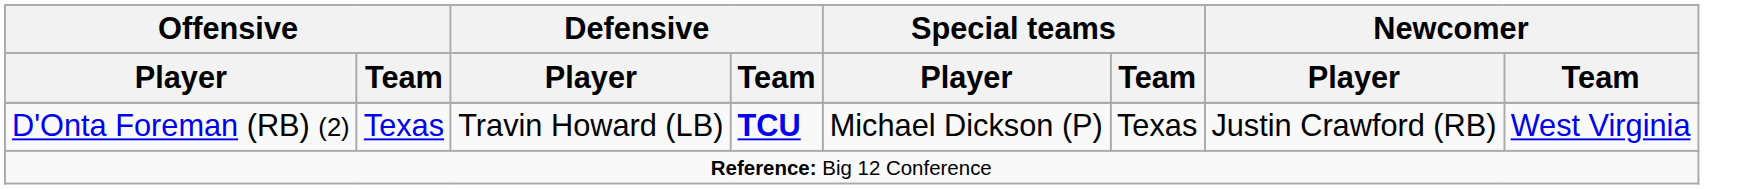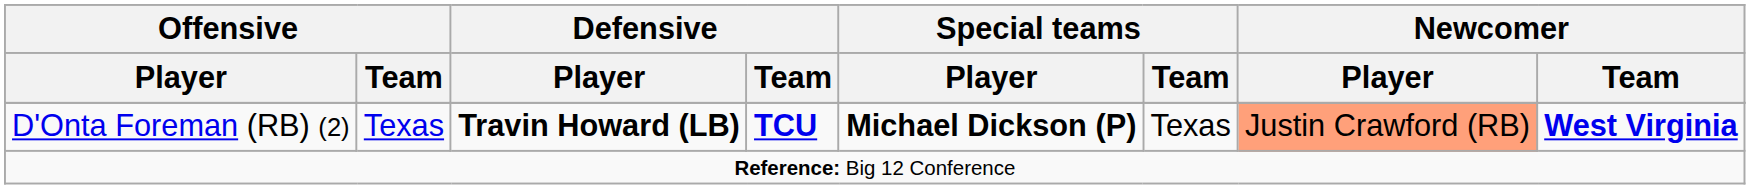 <table class="wikitable">
 <tr>
 <th colspan="2">Offensive</th>
 <th colspan="2">Defensive</th>
 <th colspan="2">Special teams</th>
 <th colspan="2">Newcomer</th>
 </tr>
 <tr>
 <th>Player</th>
 <th>Team</th>
 <th>Player</th>
 <th>Team</th>
 <th>Player</th>
 <th>Team</th>
 <th>Player</th>
 <th>Team</th>
 </tr>
 <tr>
 </tr>
 <tr>
 <td><a href='#'>D'Onta Foreman</a> (RB) <small>(2)</small></td>
 <td><a href='#'>Texas</a></td>
-<td>Travin Howard (LB)</td>
+<td><strong>Travin Howard (LB)</strong></td>
 <td><strong><a href='#'>TCU</a></strong></td>
-<td>Michael Dickson (P)</td>
+<td><strong>Michael Dickson (P)</strong></td>
 <td>Texas</td>
-<td>Justin Crawford (RB)</td>
-<td><a href='#'>West Virginia</a></td>
+<td style="background: lightsalmon;">Justin Crawford (RB)</td>
+<td><strong><a href='#'>West Virginia</a></strong></td>
 </tr>
 <tr>
 <td colspan="12"  style="font-size:8pt; text-align:center;"><strong>Reference:</strong> Big 12 Conference</td>
 </tr>
 </table>
